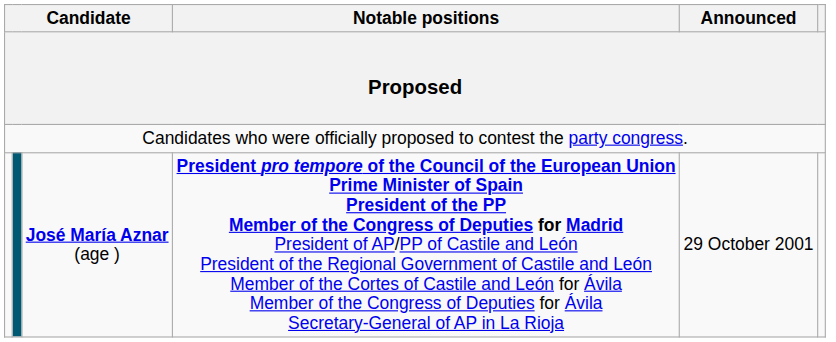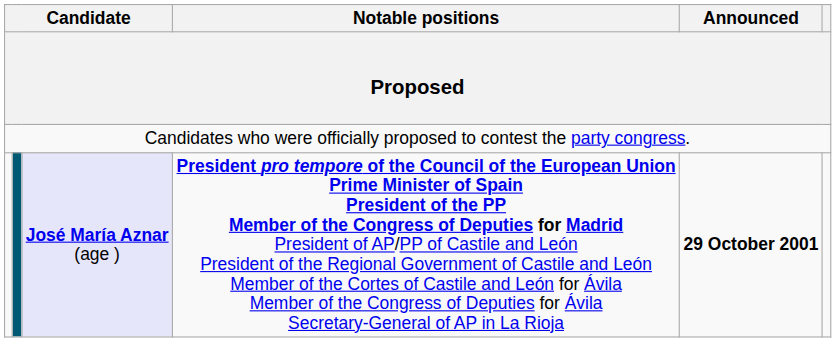 <table class="wikitable" style="text-align:center;">
 <tr>
 <th colspan="3">Candidate</th>
 <th>Notable positions</th>
 <th>Announced</th>
 <th></th>
 </tr>
 <tr>
 <th colspan="6"><br><h3>Proposed</h3></th>
 </tr>
 <tr>
 <td colspan="6">Candidates who were officially proposed to contest the <a href='#'>party congress</a>.</td>
 </tr>
 <tr>
 <td></td>
 <td width="1px" style="color:inherit;background:#005973;"></td>
-<td><strong><a href='#'>José María Aznar</a></strong><br>(age )</td>
+<td style="background: lavender;"><strong><a href='#'>José María Aznar</a></strong><br>(age )</td>
 <td><strong><a href='#'>President <em>pro tempore</em> of the Council of the European Union</a> <br><a href='#'>Prime Minister of Spain</a> <br><a href='#'>President of the PP</a> <br><a href='#'>Member of the Congress of Deputies</a> for <a href='#'>Madrid</a> </strong><br><a href='#'>President of AP</a>/<a href='#'>PP of Castile and León</a> <br><a href='#'>President of the Regional Government of Castile and León</a> <br><a href='#'>Member of the Cortes of Castile and León</a> for <a href='#'>Ávila</a> <br><a href='#'>Member of the Congress of Deputies</a> for <a href='#'>Ávila</a> <br><a href='#'>Secretary-General of AP in La Rioja</a> </td>
-<td>29 October 2001</td>
+<td><strong>29 October 2001</strong></td>
 <td><br></td>
 </tr>
 </table>
